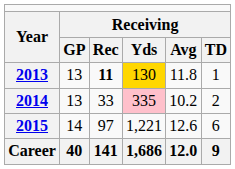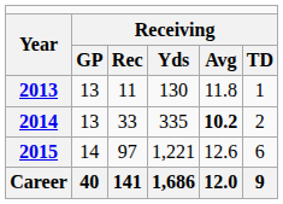 <table class="wikitable" style="text-align:center;">
 <tr>
 <td ! colspan="7"></td>
 </tr>
 <tr>
 <th rowspan="2">Year</th>
 <th colspan="5">Receiving</th>
 </tr>
 <tr>
 <th>GP</th>
 <th>Rec</th>
 <th>Yds</th>
 <th>Avg</th>
 <th>TD</th>
 </tr>
 <tr>
 <th><a href='#'>2013</a></th>
 <td>13</td>
-<td><strong>11</strong></td>
-<td style="background: gold;">130</td>
+<td>11</td>
+<td>130</td>
 <td>11.8</td>
 <td>1</td>
 </tr>
 <tr>
 <th><a href='#'>2014</a></th>
 <td>13</td>
 <td>33</td>
-<td style="background: pink;">335</td>
-<td>10.2</td>
+<td>335</td>
+<td><strong>10.2</strong></td>
 <td>2</td>
 </tr>
 <tr>
 <th><a href='#'>2015</a></th>
 <td>14</td>
 <td>97</td>
 <td>1,221</td>
 <td>12.6</td>
 <td>6</td>
 </tr>
 <tr>
 <th>Career</th>
 <th>40</th>
 <th>141</th>
 <th>1,686</th>
 <th>12.0</th>
 <th>9</th>
 </tr>
 </table>
